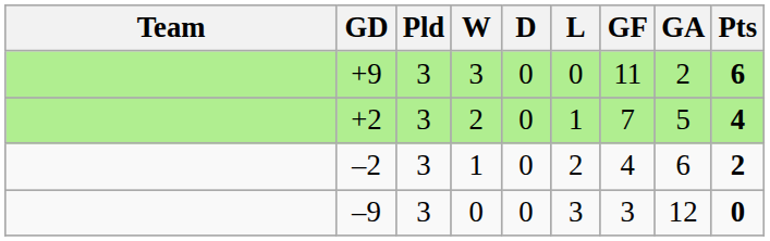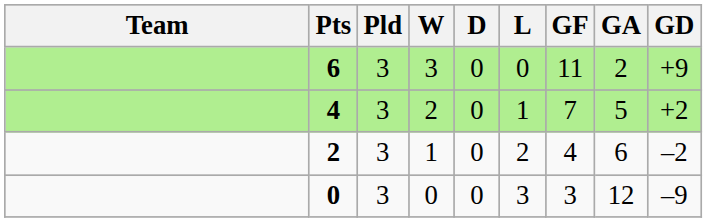 <table class="wikitable" style="text-align:center;">
 <tr>
 <th width=175>Team</th>
-<th width=25  abbr="Goal difference">GD</th>
+<th width=20  abbr="Points">Pts</th>
 <th width=20  abbr="Played">Pld</th>
 <th width=20  abbr="Won">W</th>
 <th width=20  abbr="Drawn">D</th>
 <th width=20  abbr="Lost">L</th>
 <th width=20  abbr="Goals for">GF</th>
 <th width=20  abbr="Goals against">GA</th>
-<th width=20  abbr="Points">Pts</th>
+<th width=25  abbr="Goal difference">GD</th>
 </tr>
 <tr style="background: #B0EE90;">
 <td align=left></td>
-<td>+9</td>
+<td><strong>6</strong></td>
 <td>3</td>
 <td>3</td>
 <td>0</td>
 <td>0</td>
 <td>11</td>
 <td>2</td>
-<td><strong>6</strong></td>
+<td>+9</td>
 </tr>
 <tr style="background: #B0EE90;">
 <td align=left></td>
-<td>+2</td>
+<td><strong>4</strong></td>
 <td>3</td>
 <td>2</td>
 <td>0</td>
 <td>1</td>
 <td>7</td>
 <td>5</td>
-<td><strong>4</strong></td>
+<td>+2</td>
 </tr>
 <tr>
 <td align=left></td>
-<td>–2</td>
+<td><strong>2</strong></td>
 <td>3</td>
 <td>1</td>
 <td>0</td>
 <td>2</td>
 <td>4</td>
 <td>6</td>
-<td><strong>2</strong></td>
+<td>–2</td>
 </tr>
 <tr>
 <td align=left></td>
-<td>–9</td>
+<td><strong>0</strong></td>
 <td>3</td>
 <td>0</td>
 <td>0</td>
 <td>3</td>
 <td>3</td>
 <td>12</td>
-<td><strong>0</strong></td>
+<td>–9</td>
 </tr>
 </table>
